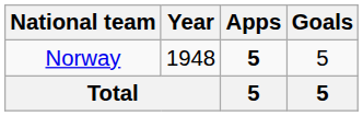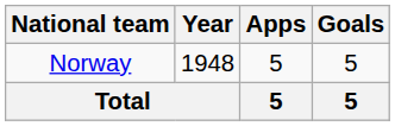 <table class=wikitable style=text-align:center>
 <tr>
 <th>National team</th>
 <th>Year</th>
 <th>Apps</th>
 <th>Goals</th>
 </tr>
 <tr>
 <td rowspan="1"><a href='#'>Norway</a></td>
 <td>1948</td>
-<td><strong>5</strong></td>
+<td>5</td>
 <td>5</td>
 </tr>
 <tr>
 <th colspan="2">Total</th>
 <th>5</th>
 <th>5</th>
 </tr>
 </table>
